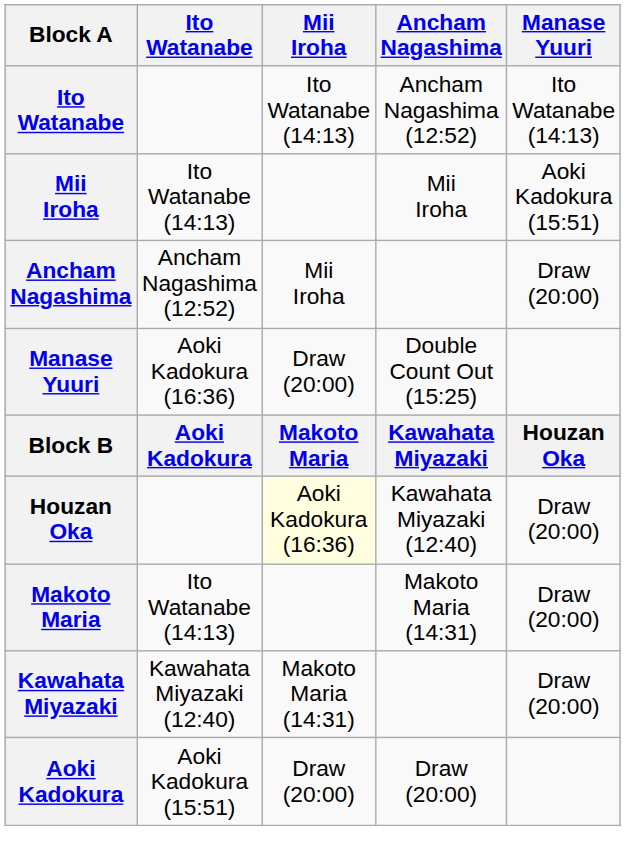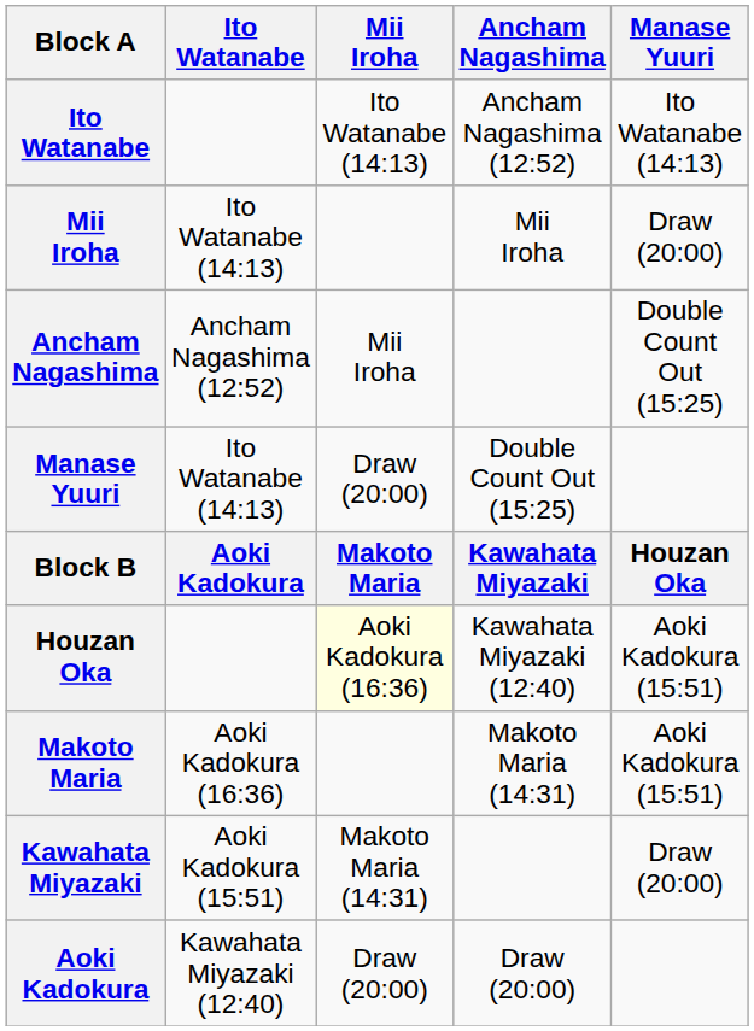 <table class="wikitable" style="text-align:center; margin: 1em auto 1em auto;" width="25%">
 <tr>
 <th>Block A</th>
 <th><a href='#'>Ito</a><br><a href='#'>Watanabe</a></th>
 <th><a href='#'>Mii</a><br><a href='#'>Iroha</a></th>
 <th><a href='#'>Ancham</a><br><a href='#'>Nagashima</a></th>
 <th><a href='#'>Manase</a><br><a href='#'>Yuuri</a></th>
 </tr>
 <tr>
 <th><a href='#'>Ito</a><br><a href='#'>Watanabe</a></th>
 <td></td>
 <td>Ito<br>Watanabe<br>(14:13)</td>
 <td>Ancham<br>Nagashima<br>(12:52)</td>
 <td>Ito<br>Watanabe<br>(14:13)</td>
 </tr>
 <tr>
 <th><a href='#'>Mii</a><br><a href='#'>Iroha</a></th>
 <td>Ito<br>Watanabe<br>(14:13)</td>
 <td></td>
 <td>Mii<br>Iroha</td>
-<td>Aoki<br>Kadokura<br>(15:51)</td>
+<td>Draw<br>(20:00)</td>
 </tr>
 <tr>
 <th><a href='#'>Ancham</a><br><a href='#'>Nagashima</a></th>
 <td>Ancham<br>Nagashima<br>(12:52)</td>
 <td>Mii<br>Iroha</td>
 <td></td>
-<td>Draw<br>(20:00)</td>
+<td>Double Count Out<br>(15:25)</td>
 </tr>
 <tr>
 <th><a href='#'>Manase</a><br><a href='#'>Yuuri</a></th>
-<td>Aoki<br>Kadokura<br>(16:36)</td>
+<td>Ito<br>Watanabe<br>(14:13)</td>
 <td>Draw<br>(20:00)</td>
 <td>Double Count Out<br>(15:25)</td>
 <td></td>
 </tr>
 <tr>
 <th>Block B</th>
 <th><a href='#'>Aoki</a><br><a href='#'>Kadokura</a></th>
 <th><a href='#'>Makoto</a><br><a href='#'>Maria</a></th>
 <th><a href='#'>Kawahata</a><br><a href='#'>Miyazaki</a></th>
 <th>Houzan<br><a href='#'>Oka</a></th>
 </tr>
 <tr>
 <th>Houzan<br><a href='#'>Oka</a></th>
 <td></td>
 <td style="background: lightyellow;">Aoki<br>Kadokura<br>(16:36)</td>
 <td>Kawahata<br>Miyazaki<br>(12:40)</td>
-<td>Draw<br>(20:00)</td>
+<td>Aoki<br>Kadokura<br>(15:51)</td>
 </tr>
 <tr>
 <th><a href='#'>Makoto</a><br><a href='#'>Maria</a></th>
-<td>Ito<br>Watanabe<br>(14:13)</td>
+<td>Aoki<br>Kadokura<br>(16:36)</td>
 <td></td>
 <td>Makoto<br>Maria<br>(14:31)</td>
-<td>Draw<br>(20:00)</td>
+<td>Aoki<br>Kadokura<br>(15:51)</td>
 </tr>
 <tr>
 <th><a href='#'>Kawahata</a><br><a href='#'>Miyazaki</a></th>
-<td>Kawahata<br>Miyazaki<br>(12:40)</td>
+<td>Aoki<br>Kadokura<br>(15:51)</td>
 <td>Makoto<br>Maria<br>(14:31)</td>
 <td></td>
 <td>Draw<br>(20:00)</td>
 </tr>
 <tr>
 <th><a href='#'>Aoki</a><br><a href='#'>Kadokura</a></th>
-<td>Aoki<br>Kadokura<br>(15:51)</td>
+<td>Kawahata<br>Miyazaki<br>(12:40)</td>
 <td>Draw<br>(20:00)</td>
 <td>Draw<br>(20:00)</td>
 <td></td>
 </tr>
 </table>
